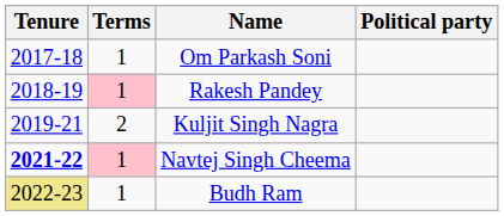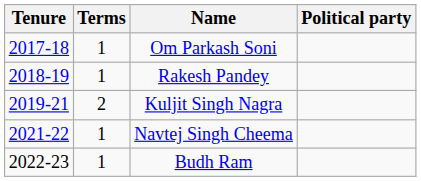 <table class="wikitable sortable">
 <tr>
 <th>Tenure</th>
 <th>Terms</th>
 <th>Name</th>
 <th colspan="2">Political party</th>
 </tr>
 <tr align="center">
 <td><a href='#'>2017-18</a></td>
 <td>1</td>
 <td><a href='#'>Om Parkash Soni</a></td>
 <td></td>
 </tr>
 <tr align="center">
 <td><a href='#'>2018-19</a></td>
-<td style="background: pink;">1</td>
+<td>1</td>
 <td><a href='#'>Rakesh Pandey</a></td>
 <td></td>
 </tr>
 <tr align="center">
 <td><a href='#'>2019-21</a></td>
 <td>2</td>
 <td><a href='#'>Kuljit Singh Nagra</a></td>
 <td></td>
 </tr>
 <tr align="center">
-<td><strong><a href='#'>2021-22</a></strong></td>
-<td style="background: pink;">1</td>
+<td><a href='#'>2021-22</a></td>
+<td>1</td>
 <td><a href='#'>Navtej Singh Cheema</a></td>
 <td></td>
 </tr>
 <tr align="center">
-<td style="background: khaki;">2022-23</td>
+<td>2022-23</td>
 <td>1</td>
 <td><a href='#'>Budh Ram</a></td>
 <td></td>
 </tr>
 </table>
